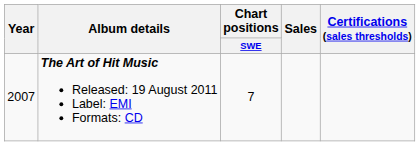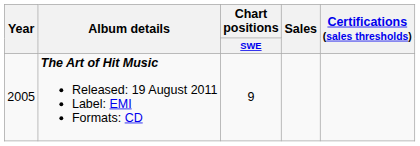 <table class="wikitable" style="text-align: left;">
 <tr>
 <th rowspan="2">Year</th>
 <th rowspan="2">Album details</th>
 <th colspan="1">Chart positions</th>
 <th rowspan="2">Sales</th>
 <th rowspan="2"><a href='#'>Certifications</a><br><small>(<a href='#'>sales thresholds</a>)</small></th>
 </tr>
 <tr>
 <th style="width:2em;font-size:75%"><a href='#'>SWE</a><br></th>
 </tr>
 <tr>
-<td>2007</td>
+<td>2005</td>
 <td style="text-align:left;"><strong><em>The Art of Hit Music</em></strong><br><ul><li>Released: 19 August 2011</li><li>Label: <a href='#'>EMI</a></li><li>Formats: <a href='#'>CD</a></li></ul></td>
-<td style="text-align:center;">7</td>
+<td style="text-align:center;">9</td>
 <td></td>
 <td></td>
 </tr>
 </table>
